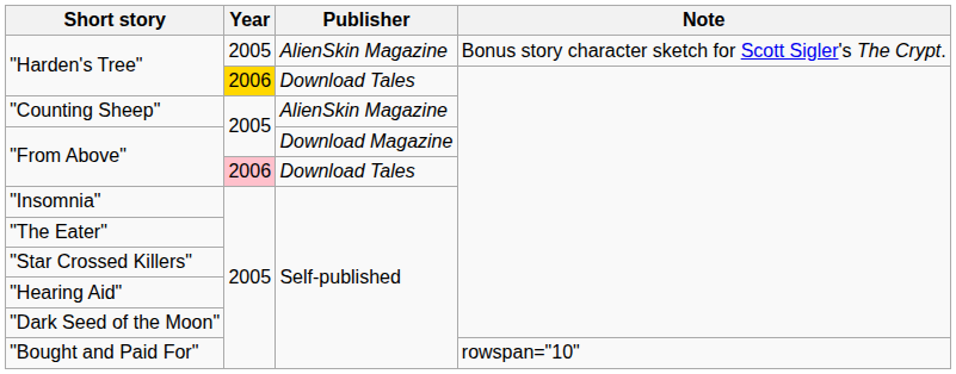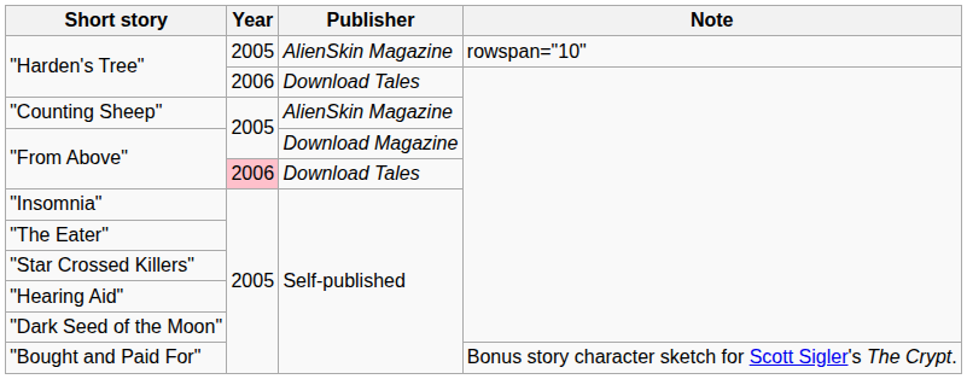 <table class="wikitable">
 <tr>
 <th>Short story</th>
 <th>Year</th>
 <th>Publisher</th>
 <th>Note</th>
 </tr>
 <tr>
 <td rowspan="2">"Harden's Tree"</td>
 <td>2005</td>
 <td><em>AlienSkin Magazine</em></td>
-<td>Bonus story character sketch for <a href='#'>Scott Sigler</a>'s <em>The Crypt</em>.</td>
+<td>rowspan="10" </td>
 </tr>
 <tr>
-<td style="background: gold;">2006</td>
+<td>2006</td>
 <td><em>Download Tales</em></td>
 </tr>
 <tr>
 <td>"Counting Sheep"</td>
 <td rowspan="2">2005</td>
 <td><em>AlienSkin Magazine</em></td>
 </tr>
 <tr>
 <td rowspan="2">"From Above"</td>
 <td><em>Download Magazine</em></td>
 </tr>
 <tr>
 <td style="background: pink;">2006</td>
 <td><em>Download Tales</em></td>
 </tr>
 <tr>
 <td>"Insomnia"</td>
 <td rowspan="6">2005</td>
 <td rowspan="6">Self-published</td>
 </tr>
 <tr>
 <td>"The Eater"</td>
 </tr>
 <tr>
 <td>"Star Crossed Killers"</td>
 </tr>
 <tr>
 <td>"Hearing Aid"</td>
 </tr>
 <tr>
 <td>"Dark Seed of the Moon"</td>
 </tr>
 <tr>
 <td>"Bought and Paid For"</td>
-<td>rowspan="10" </td>
+<td>Bonus story character sketch for <a href='#'>Scott Sigler</a>'s <em>The Crypt</em>.</td>
 </tr>
 </table>
